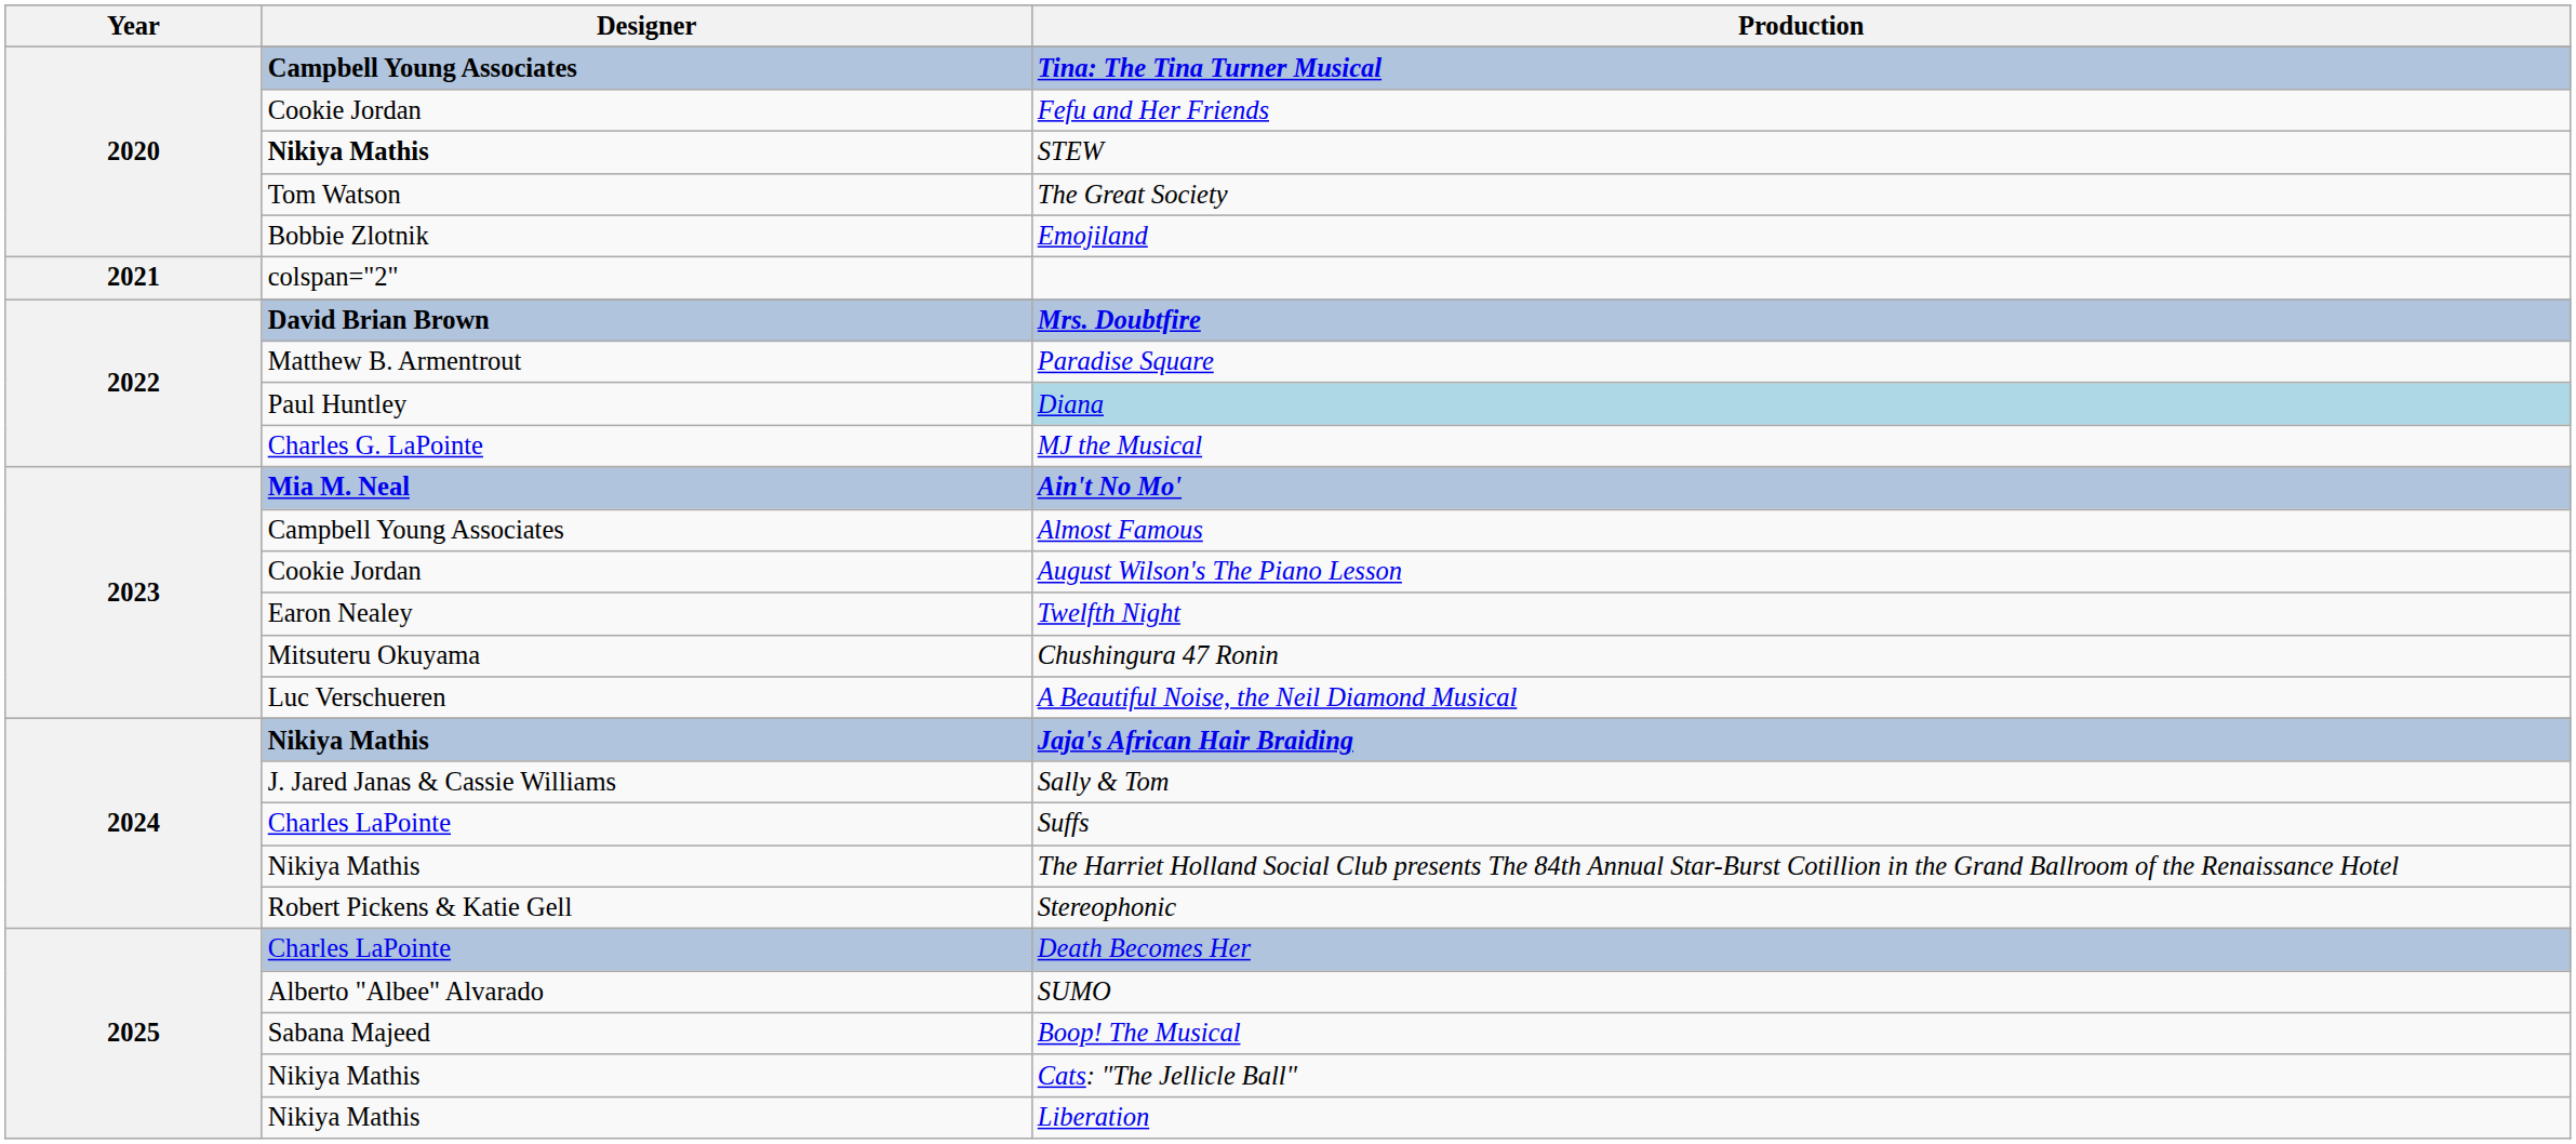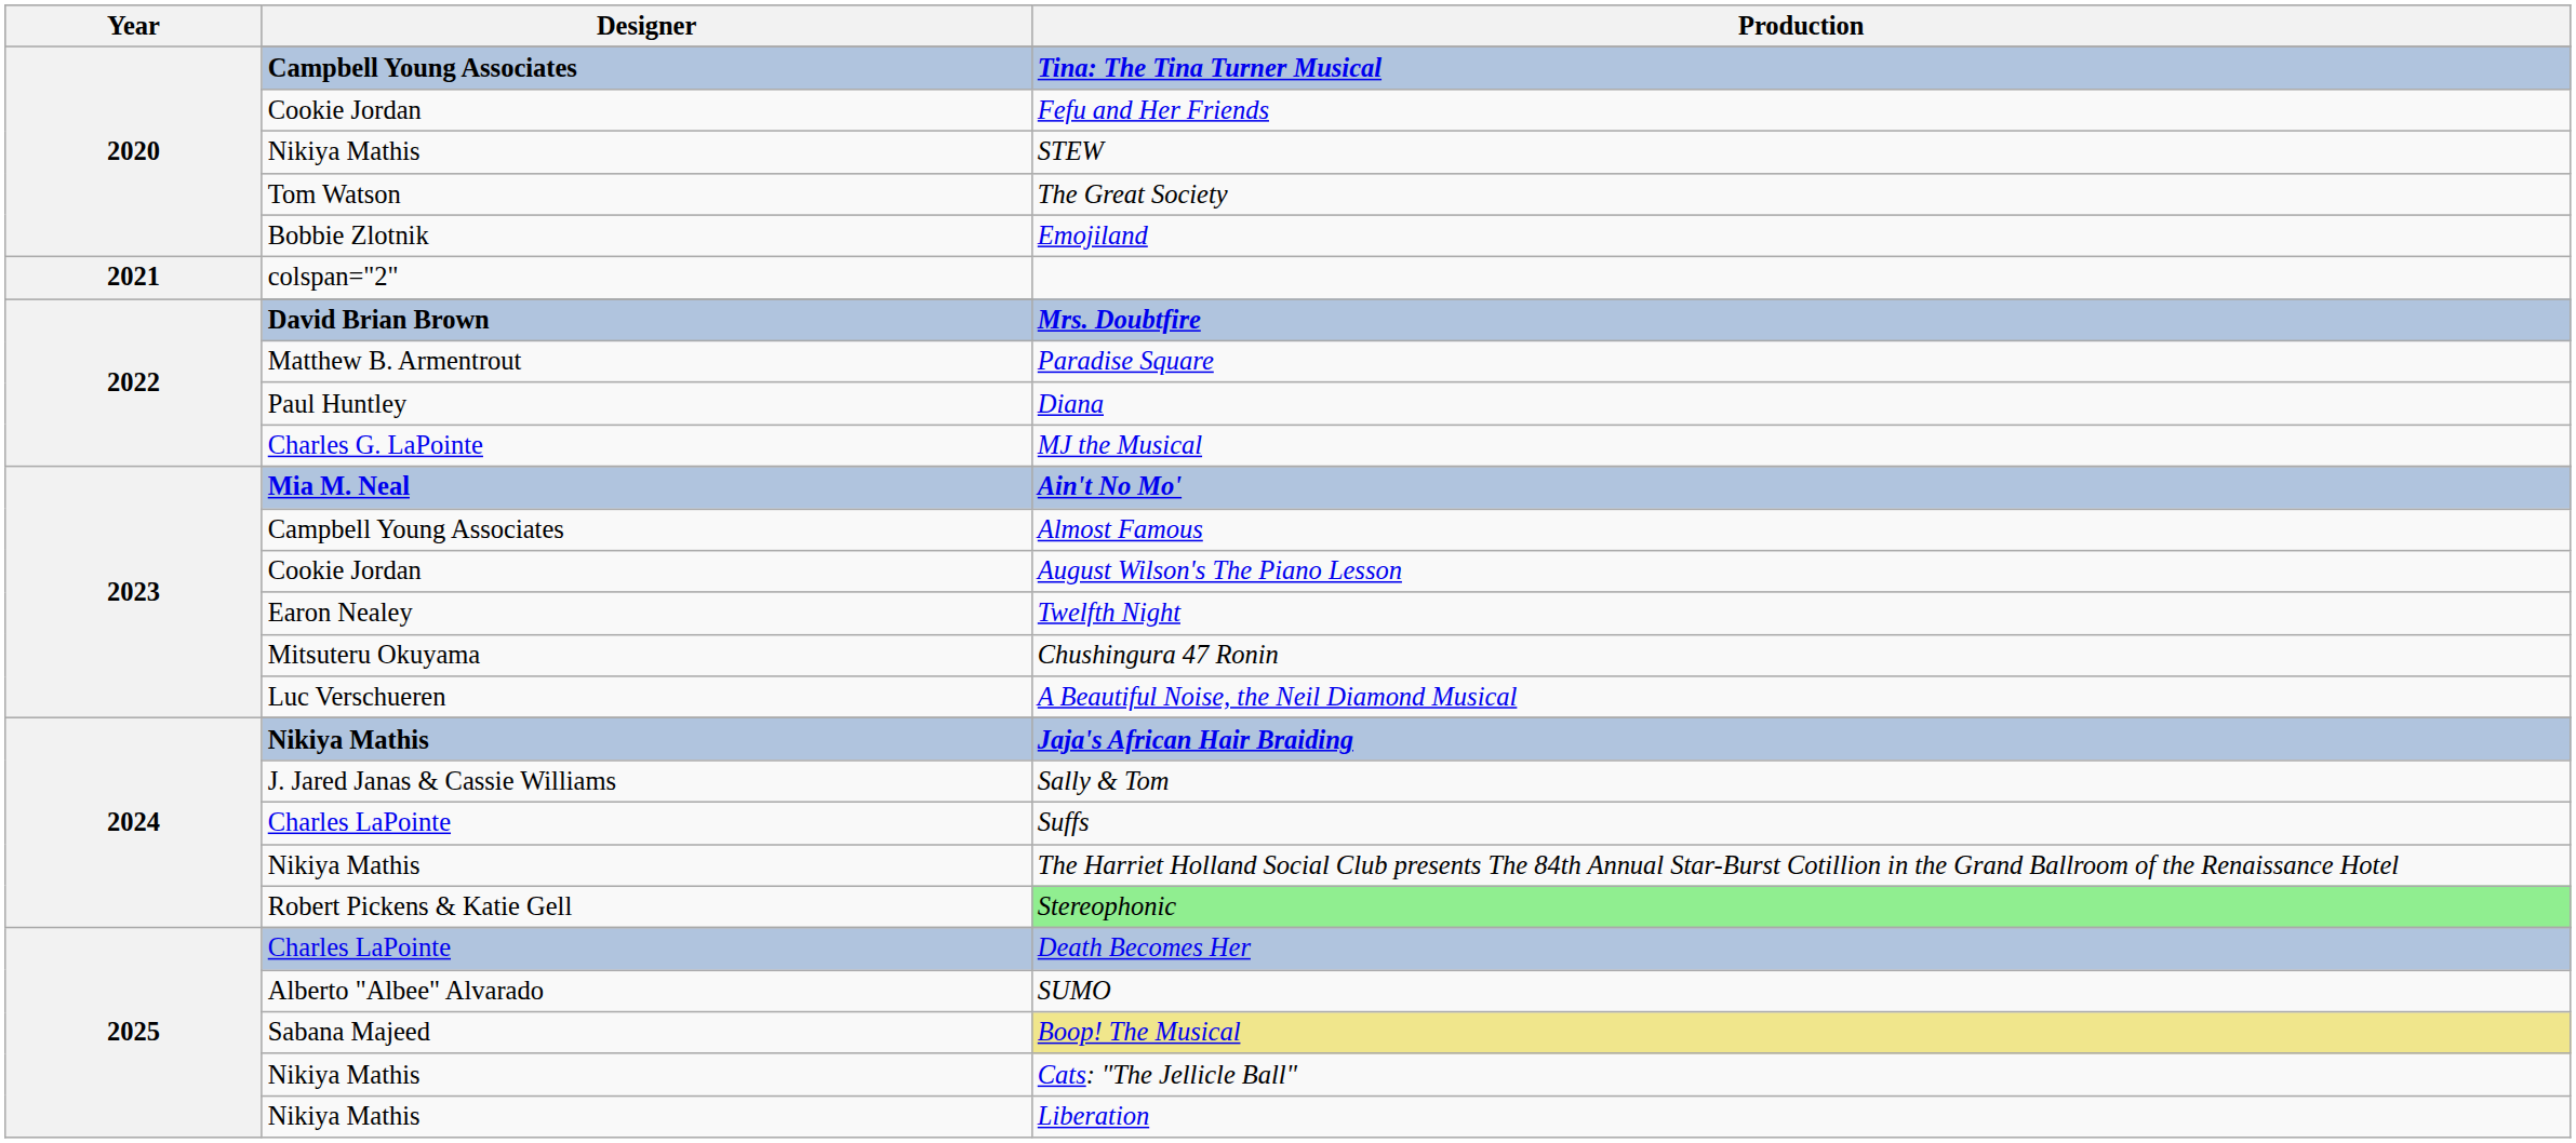 <table class="wikitable" style="width:98%;">
 <tr style="background:#bebebe;">
 <th style="width:10%;">Year</th>
 <th style="width:30%;">Designer</th>
 <th style="width:60%;">Production</th>
 </tr>
 <tr>
 <th rowspan="6">2020</th>
 </tr>
 <tr style="background:#B0C4DE">
 <td><strong>Campbell Young Associates</strong></td>
 <td><strong><em><a href='#'>Tina: The Tina Turner Musical</a></em></strong></td>
 </tr>
 <tr>
 <td>Cookie Jordan</td>
 <td><em><a href='#'>Fefu and Her Friends</a></em></td>
 </tr>
 <tr>
-<td><strong>Nikiya Mathis</strong></td>
+<td>Nikiya Mathis</td>
 <td><em>STEW</em></td>
 </tr>
 <tr>
 <td>Tom Watson</td>
 <td><em>The Great Society</em></td>
 </tr>
 <tr>
 <td>Bobbie Zlotnik</td>
 <td><em><a href='#'>Emojiland</a></em></td>
 </tr>
 <tr>
 <th>2021</th>
 <td>colspan="2" </td>
 </tr>
 <tr>
 <th rowspan="5">2022</th>
 </tr>
 <tr style="background:#B0C4DE">
 <td><strong>David Brian Brown</strong></td>
 <td><strong><em><a href='#'>Mrs. Doubtfire</a></em></strong></td>
 </tr>
 <tr>
 <td>Matthew B. Armentrout</td>
 <td><em><a href='#'>Paradise Square</a></em></td>
 </tr>
 <tr>
 <td>Paul Huntley</td>
-<td style="background: lightblue;"><em><a href='#'>Diana</a></em></td>
+<td><em><a href='#'>Diana</a></em></td>
 </tr>
 <tr>
 <td><a href='#'>Charles G. LaPointe</a></td>
 <td><em><a href='#'>MJ the Musical</a></em></td>
 </tr>
 <tr>
 <th rowspan="7">2023</th>
 </tr>
 <tr style="background:#B0C4DE">
 <td><strong><a href='#'>Mia M. Neal</a></strong></td>
 <td><strong><em><a href='#'>Ain't No Mo'</a></em></strong></td>
 </tr>
 <tr>
 <td>Campbell Young Associates</td>
 <td><em><a href='#'>Almost Famous</a></em></td>
 </tr>
 <tr>
 <td>Cookie Jordan</td>
 <td><em><a href='#'>August Wilson's The Piano Lesson</a></em></td>
 </tr>
 <tr>
 <td>Earon Nealey</td>
 <td><em><a href='#'>Twelfth Night</a></em></td>
 </tr>
 <tr>
 <td>Mitsuteru Okuyama</td>
 <td><em>Chushingura 47 Ronin</em></td>
 </tr>
 <tr>
 <td>Luc Verschueren</td>
 <td><em><a href='#'>A Beautiful Noise, the Neil Diamond Musical</a></em></td>
 </tr>
 <tr>
 <th rowspan="6">2024</th>
 </tr>
 <tr style="background:#B0C4DE">
 <td><strong>Nikiya Mathis</strong></td>
 <td><strong><em><a href='#'>Jaja's African Hair Braiding</a></em></strong></td>
 </tr>
 <tr>
 <td>J. Jared Janas & Cassie Williams</td>
 <td><em>Sally & Tom</em></td>
 </tr>
 <tr>
 <td><a href='#'>Charles LaPointe</a></td>
 <td><em>Suffs</em></td>
 </tr>
 <tr>
 <td>Nikiya Mathis</td>
 <td><em>The Harriet Holland Social Club presents The 84th Annual Star-Burst Cotillion in the Grand Ballroom of the Renaissance Hotel</em></td>
 </tr>
 <tr>
 <td>Robert Pickens & Katie Gell</td>
-<td><em>Stereophonic</em></td>
+<td style="background: lightgreen;"><em>Stereophonic</em></td>
 </tr>
 <tr>
 <th rowspan="6">2025</th>
 </tr>
 <tr style="background:#B0C4DE">
 <td><a href='#'>Charles LaPointe</a></td>
 <td><em><a href='#'>Death Becomes Her</a></em></td>
 </tr>
 <tr>
 <td>Alberto "Albee" Alvarado</td>
 <td><em>SUMO</em></td>
 </tr>
 <tr>
 <td>Sabana Majeed</td>
-<td><em><a href='#'>Boop! The Musical</a></em></td>
+<td style="background: khaki;"><em><a href='#'>Boop! The Musical</a></em></td>
 </tr>
 <tr>
 <td>Nikiya Mathis</td>
 <td><em><a href='#'>Cats</a>: "The Jellicle Ball"</em></td>
 </tr>
 <tr>
 <td>Nikiya Mathis</td>
 <td><em><a href='#'>Liberation</a></em></td>
 </tr>
 </table>
